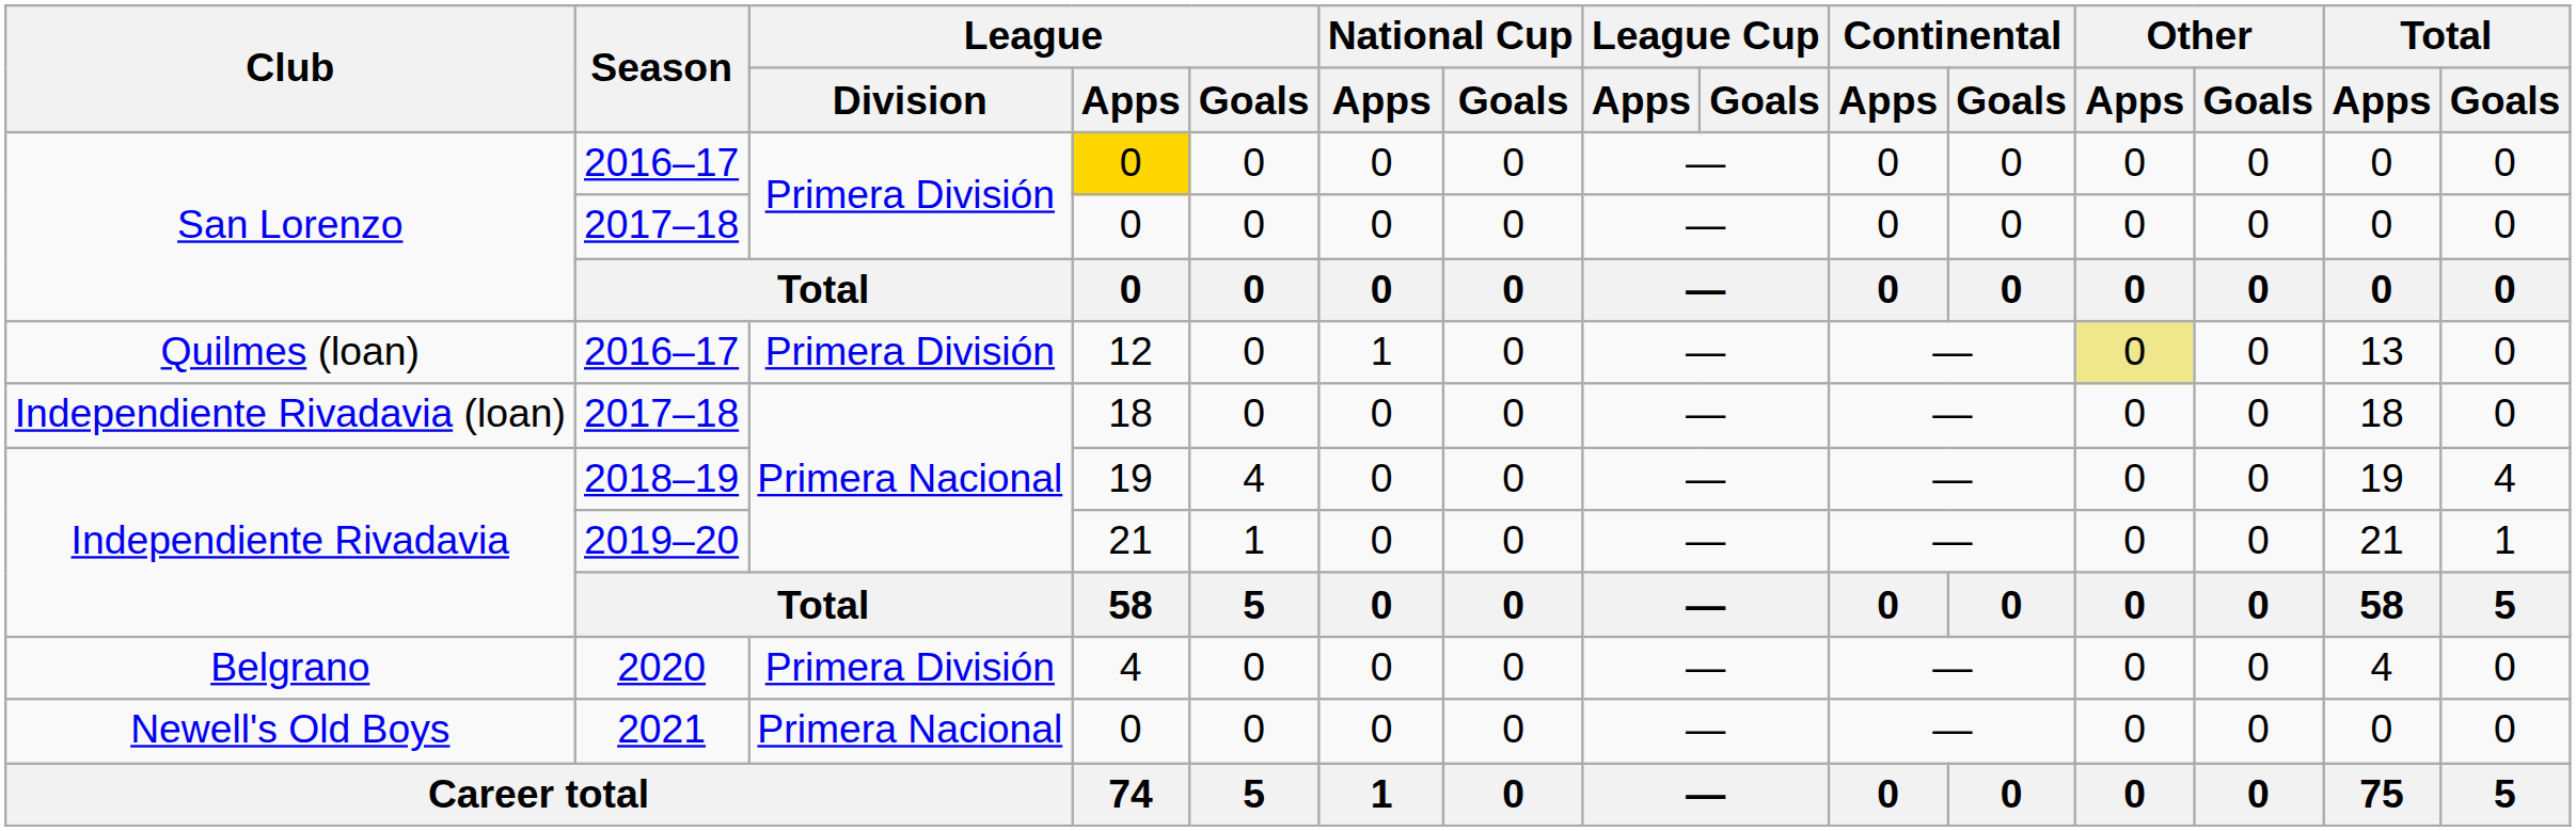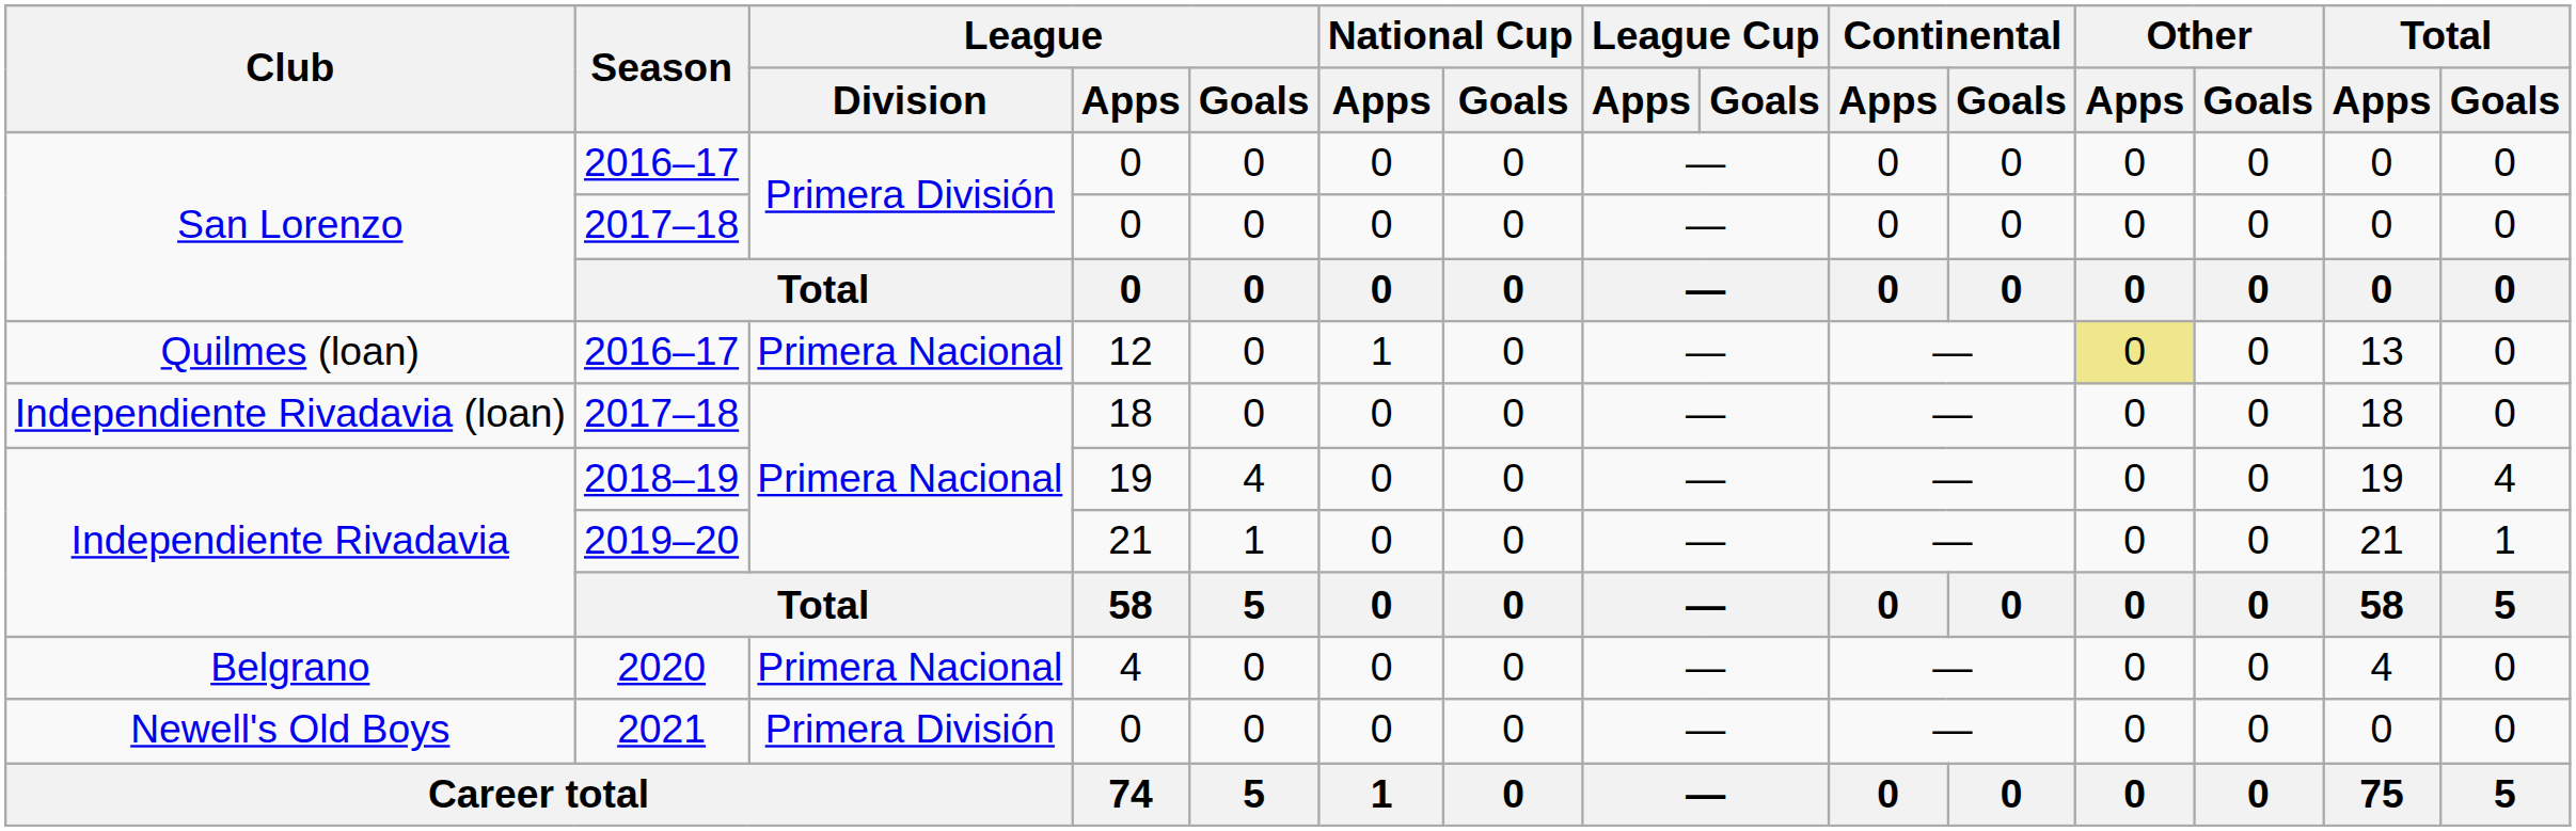 <table class="wikitable" style="text-align:center">
 <tr>
 <th rowspan="2">Club</th>
 <th rowspan="2">Season</th>
 <th colspan="3">League</th>
 <th colspan="2">National Cup</th>
 <th colspan="2">League Cup</th>
 <th colspan="2">Continental</th>
 <th colspan="2">Other</th>
 <th colspan="2">Total</th>
 </tr>
 <tr>
 <th>Division</th>
 <th>Apps</th>
 <th>Goals</th>
 <th>Apps</th>
 <th>Goals</th>
 <th>Apps</th>
 <th>Goals</th>
 <th>Apps</th>
 <th>Goals</th>
 <th>Apps</th>
 <th>Goals</th>
 <th>Apps</th>
 <th>Goals</th>
 </tr>
 <tr>
 <td rowspan="3"><a href='#'>San Lorenzo</a></td>
 <td><a href='#'>2016–17</a></td>
 <td rowspan="2"><a href='#'>Primera División</a></td>
-<td style="background: gold;">0</td>
+<td>0</td>
 <td>0</td>
 <td>0</td>
 <td>0</td>
 <td colspan="2">—</td>
 <td>0</td>
 <td>0</td>
 <td>0</td>
 <td>0</td>
 <td>0</td>
 <td>0</td>
 </tr>
 <tr>
 <td><a href='#'>2017–18</a></td>
 <td>0</td>
 <td>0</td>
 <td>0</td>
 <td>0</td>
 <td colspan="2">—</td>
 <td>0</td>
 <td>0</td>
 <td>0</td>
 <td>0</td>
 <td>0</td>
 <td>0</td>
 </tr>
 <tr>
 <th colspan="2">Total</th>
 <th>0</th>
 <th>0</th>
 <th>0</th>
 <th>0</th>
 <th colspan="2">—</th>
 <th>0</th>
 <th>0</th>
 <th>0</th>
 <th>0</th>
 <th>0</th>
 <th>0</th>
 </tr>
 <tr>
 <td rowspan="1"><a href='#'>Quilmes</a> (loan)</td>
 <td><a href='#'>2016–17</a></td>
-<td rowspan="1"><a href='#'>Primera División</a></td>
+<td rowspan="1"><a href='#'>Primera Nacional</a></td>
 <td>12</td>
 <td>0</td>
 <td>1</td>
 <td>0</td>
 <td colspan="2">—</td>
 <td colspan="2">—</td>
 <td style="background: khaki;">0</td>
 <td>0</td>
 <td>13</td>
 <td>0</td>
 </tr>
 <tr>
 <td rowspan="1"><a href='#'>Independiente Rivadavia</a> (loan)</td>
 <td><a href='#'>2017–18</a></td>
 <td rowspan="3"><a href='#'>Primera Nacional</a></td>
 <td>18</td>
 <td>0</td>
 <td>0</td>
 <td>0</td>
 <td colspan="2">—</td>
 <td colspan="2">—</td>
 <td>0</td>
 <td>0</td>
 <td>18</td>
 <td>0</td>
 </tr>
 <tr>
 <td rowspan="3"><a href='#'>Independiente Rivadavia</a></td>
 <td><a href='#'>2018–19</a></td>
 <td>19</td>
 <td>4</td>
 <td>0</td>
 <td>0</td>
 <td colspan="2">—</td>
 <td colspan="2">—</td>
 <td>0</td>
 <td>0</td>
 <td>19</td>
 <td>4</td>
 </tr>
 <tr>
 <td><a href='#'>2019–20</a></td>
 <td>21</td>
 <td>1</td>
 <td>0</td>
 <td>0</td>
 <td colspan="2">—</td>
 <td colspan="2">—</td>
 <td>0</td>
 <td>0</td>
 <td>21</td>
 <td>1</td>
 </tr>
 <tr>
 <th colspan="2">Total</th>
 <th>58</th>
 <th>5</th>
 <th>0</th>
 <th>0</th>
 <th colspan="2">—</th>
 <th>0</th>
 <th>0</th>
 <th>0</th>
 <th>0</th>
 <th>58</th>
 <th>5</th>
 </tr>
 <tr>
 <td rowspan="1"><a href='#'>Belgrano</a></td>
 <td><a href='#'>2020</a></td>
-<td rowspan="1"><a href='#'>Primera División</a></td>
+<td rowspan="1"><a href='#'>Primera Nacional</a></td>
 <td>4</td>
 <td>0</td>
 <td>0</td>
 <td>0</td>
 <td colspan="2">—</td>
 <td colspan="2">—</td>
 <td>0</td>
 <td>0</td>
 <td>4</td>
 <td>0</td>
 </tr>
 <tr>
 <td rowspan="1"><a href='#'>Newell's Old Boys</a></td>
 <td><a href='#'>2021</a></td>
-<td rowspan="1"><a href='#'>Primera Nacional</a></td>
+<td rowspan="1"><a href='#'>Primera División</a></td>
 <td>0</td>
 <td>0</td>
 <td>0</td>
 <td>0</td>
 <td colspan="2">—</td>
 <td colspan="2">—</td>
 <td>0</td>
 <td>0</td>
 <td>0</td>
 <td>0</td>
 </tr>
 <tr>
 <th colspan="3">Career total</th>
 <th>74</th>
 <th>5</th>
 <th>1</th>
 <th>0</th>
 <th colspan="2">—</th>
 <th>0</th>
 <th>0</th>
 <th>0</th>
 <th>0</th>
 <th>75</th>
 <th>5</th>
 </tr>
 </table>
